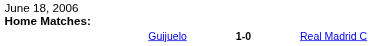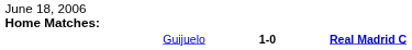 <table width=100% cellspacing=1>
 <tr>
 <th width=20%></th>
 <th width=12%></th>
 <th width=20%></th>
 <th></th>
 </tr>
 <tr>
 <td>June 18, 2006<br><strong>Home Matches:</strong></td>
 </tr>
 <tr style=font-size:90%>
 <td align=right><a href='#'>Guijuelo</a></td>
 <td align=center><strong>1-0</strong></td>
-<td><a href='#'>Real Madrid C</a></td>
+<td><strong><a href='#'>Real Madrid C</a></strong></td>
 </tr>
 </table>
